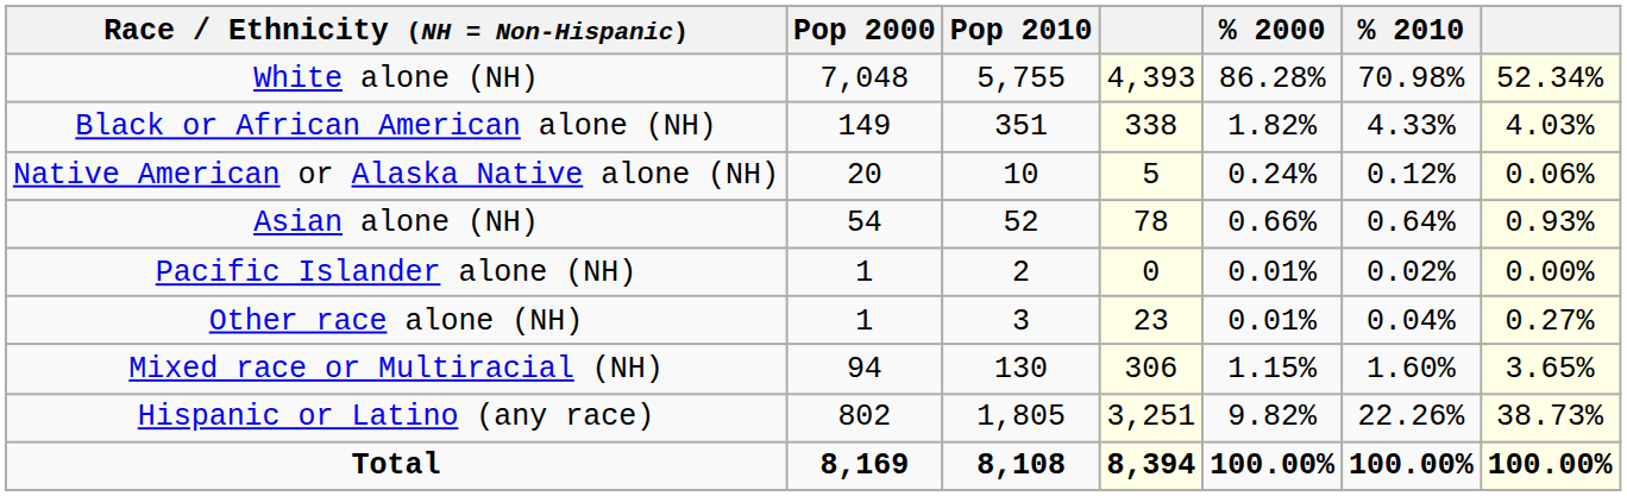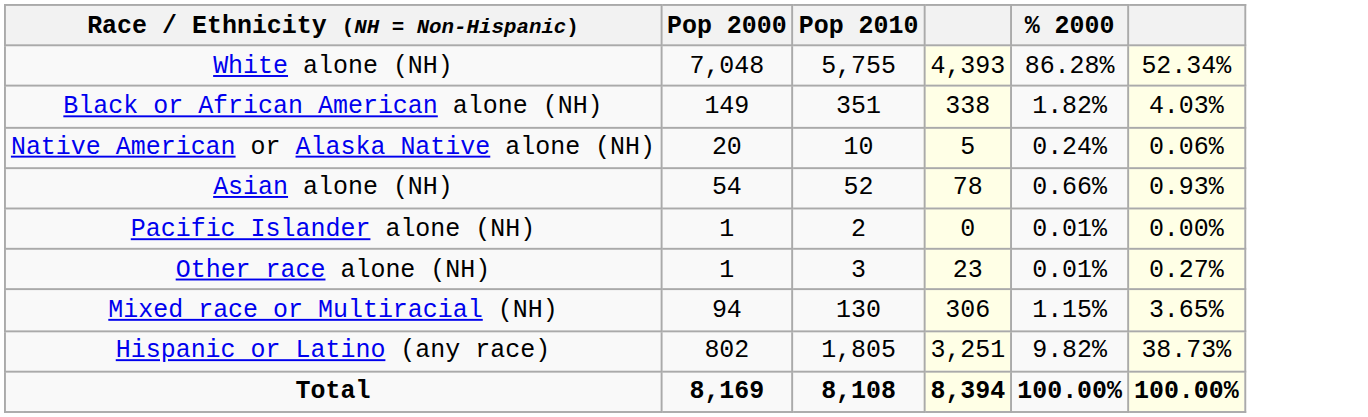 <table class="wikitable" style="text-align:center;">
 <tr>
 <th>Race / Ethnicity <small>(<em>NH = Non-Hispanic</em>)</small></th>
 <th>Pop 2000</th>
 <th>Pop 2010</th>
 <th></th>
 <th>% 2000</th>
-<th>% 2010</th>
 <th></th>
 </tr>
 <tr>
 <td><a href='#'>White</a> alone (NH)</td>
 <td>7,048</td>
 <td>5,755</td>
 <td style='background: #ffffe6;'>4,393</td>
 <td>86.28%</td>
-<td>70.98%</td>
 <td style='background: #ffffe6;'>52.34%</td>
 </tr>
 <tr>
 <td><a href='#'>Black or African American</a> alone (NH)</td>
 <td>149</td>
 <td>351</td>
 <td style='background: #ffffe6;'>338</td>
 <td>1.82%</td>
-<td>4.33%</td>
 <td style='background: #ffffe6;'>4.03%</td>
 </tr>
 <tr>
 <td><a href='#'>Native American</a> or <a href='#'>Alaska Native</a> alone (NH)</td>
 <td>20</td>
 <td>10</td>
 <td style='background: #ffffe6;'>5</td>
 <td>0.24%</td>
-<td>0.12%</td>
 <td style='background: #ffffe6;'>0.06%</td>
 </tr>
 <tr>
 <td><a href='#'>Asian</a> alone (NH)</td>
 <td>54</td>
 <td>52</td>
 <td style='background: #ffffe6;'>78</td>
 <td>0.66%</td>
-<td>0.64%</td>
 <td style='background: #ffffe6;'>0.93%</td>
 </tr>
 <tr>
 <td><a href='#'>Pacific Islander</a> alone (NH)</td>
 <td>1</td>
 <td>2</td>
 <td style='background: #ffffe6;'>0</td>
 <td>0.01%</td>
-<td>0.02%</td>
 <td style='background: #ffffe6;'>0.00%</td>
 </tr>
 <tr>
 <td><a href='#'>Other race</a> alone (NH)</td>
 <td>1</td>
 <td>3</td>
 <td style='background: #ffffe6;'>23</td>
 <td>0.01%</td>
-<td>0.04%</td>
 <td style='background: #ffffe6;'>0.27%</td>
 </tr>
 <tr>
 <td><a href='#'>Mixed race or Multiracial</a> (NH)</td>
 <td>94</td>
 <td>130</td>
 <td style='background: #ffffe6;'>306</td>
 <td>1.15%</td>
-<td>1.60%</td>
 <td style='background: #ffffe6;'>3.65%</td>
 </tr>
 <tr>
 <td><a href='#'>Hispanic or Latino</a> (any race)</td>
 <td>802</td>
 <td>1,805</td>
 <td style='background: #ffffe6;'>3,251</td>
 <td>9.82%</td>
-<td>22.26%</td>
 <td style='background: #ffffe6;'>38.73%</td>
 </tr>
 <tr>
 <td><strong>Total</strong></td>
 <td><strong>8,169</strong></td>
 <td><strong>8,108</strong></td>
 <td style='background: #ffffe6;'><strong>8,394</strong></td>
 <td><strong>100.00%</strong></td>
-<td><strong>100.00%</strong></td>
 <td style='background: #ffffe6;'><strong>100.00%</strong></td>
 </tr>
 </table>
